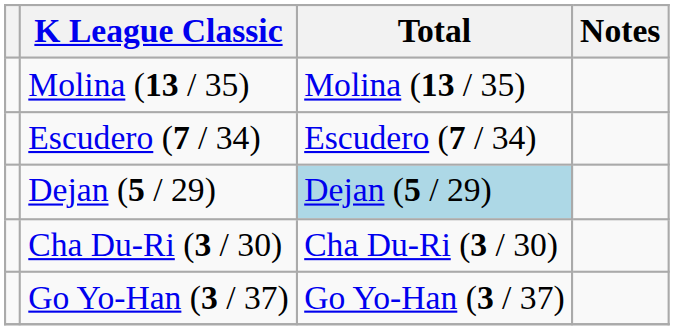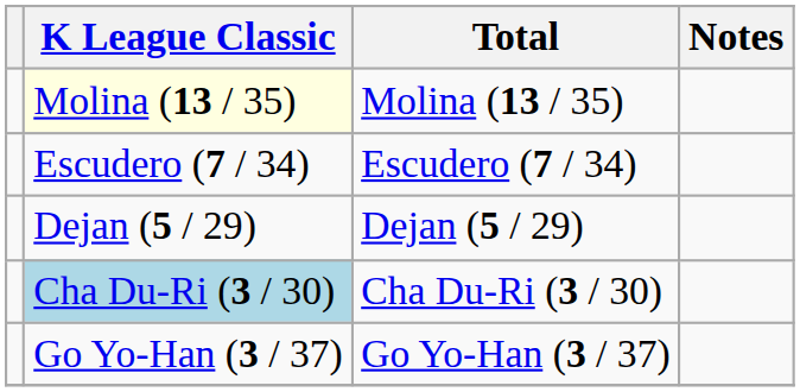 <table class="wikitable" style="text-align:left">
 <tr>
 <th></th>
 <th><a href='#'>K League Classic</a></th>
 <th>Total</th>
 <th>Notes</th>
 </tr>
 <tr>
 <td></td>
-<td> <a href='#'>Molina</a> (<strong>13</strong> / 35)</td>
+<td style="background: lightyellow;"> <a href='#'>Molina</a> (<strong>13</strong> / 35)</td>
 <td> <a href='#'>Molina</a> (<strong>13</strong> / 35)</td>
 <td></td>
 </tr>
 <tr>
 <td></td>
 <td> <a href='#'>Escudero</a> (<strong>7</strong> / 34)</td>
 <td> <a href='#'>Escudero</a> (<strong>7</strong> / 34)</td>
 <td></td>
 </tr>
 <tr>
 <td></td>
 <td> <a href='#'>Dejan</a> (<strong>5</strong> / 29)</td>
-<td style="background: lightblue;"> <a href='#'>Dejan</a> (<strong>5</strong> / 29)</td>
+<td> <a href='#'>Dejan</a> (<strong>5</strong> / 29)</td>
 <td></td>
 </tr>
 <tr>
 <td></td>
-<td> <a href='#'>Cha Du-Ri</a> (<strong>3</strong> / 30)</td>
+<td style="background: lightblue;"> <a href='#'>Cha Du-Ri</a> (<strong>3</strong> / 30)</td>
 <td> <a href='#'>Cha Du-Ri</a> (<strong>3</strong> / 30)</td>
 <td></td>
 </tr>
 <tr>
 <td></td>
 <td> <a href='#'>Go Yo-Han</a> (<strong>3</strong> / 37)</td>
 <td> <a href='#'>Go Yo-Han</a> (<strong>3</strong> / 37)</td>
 <td></td>
 </tr>
 <tr>
 </tr>
 </table>
